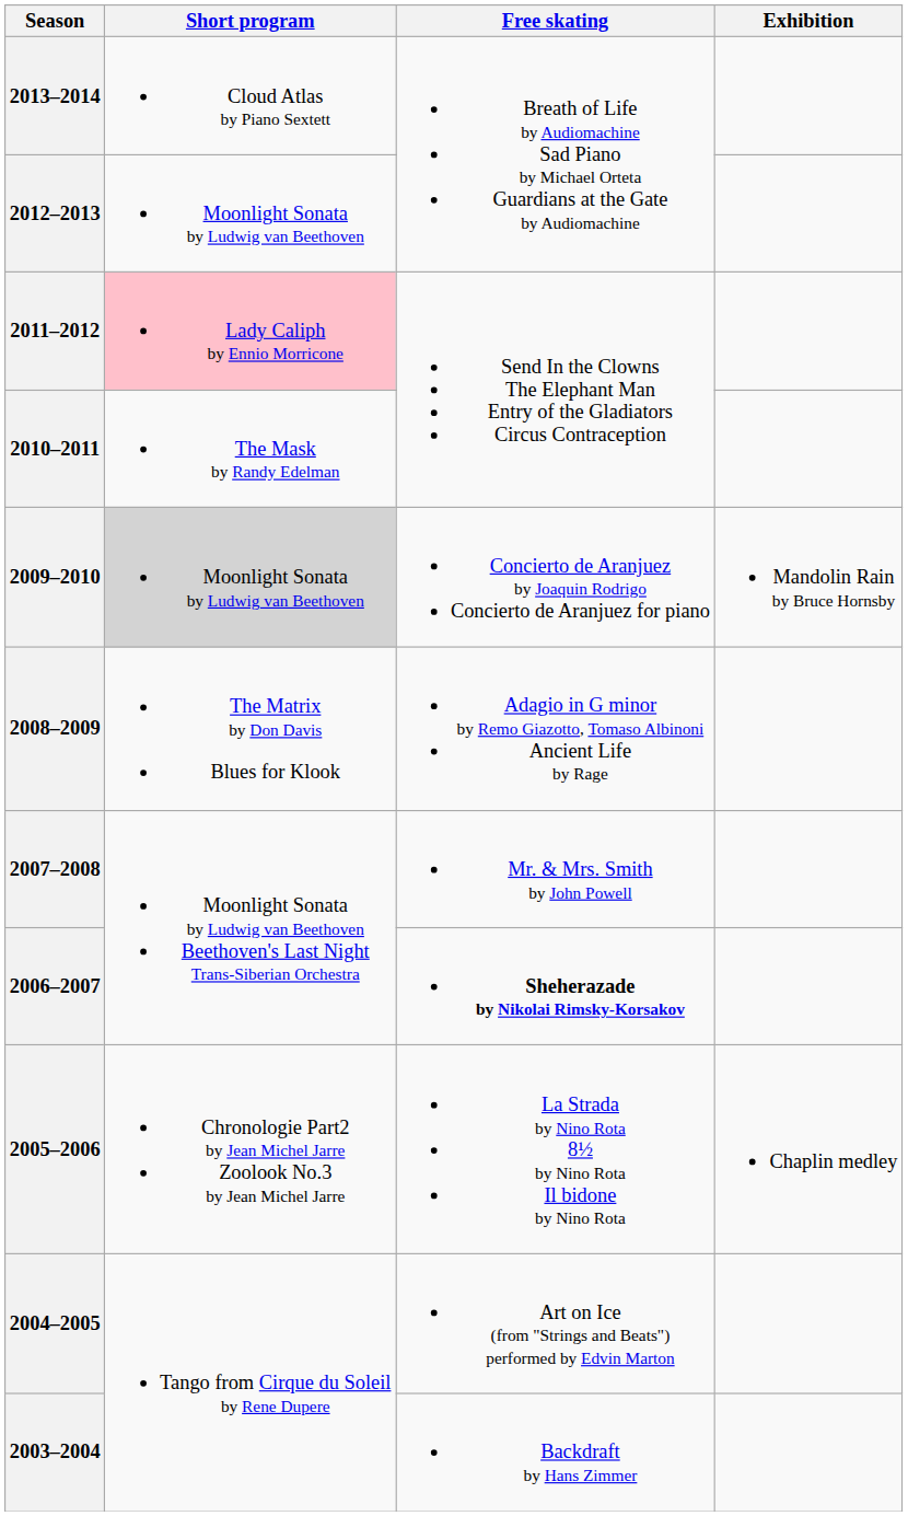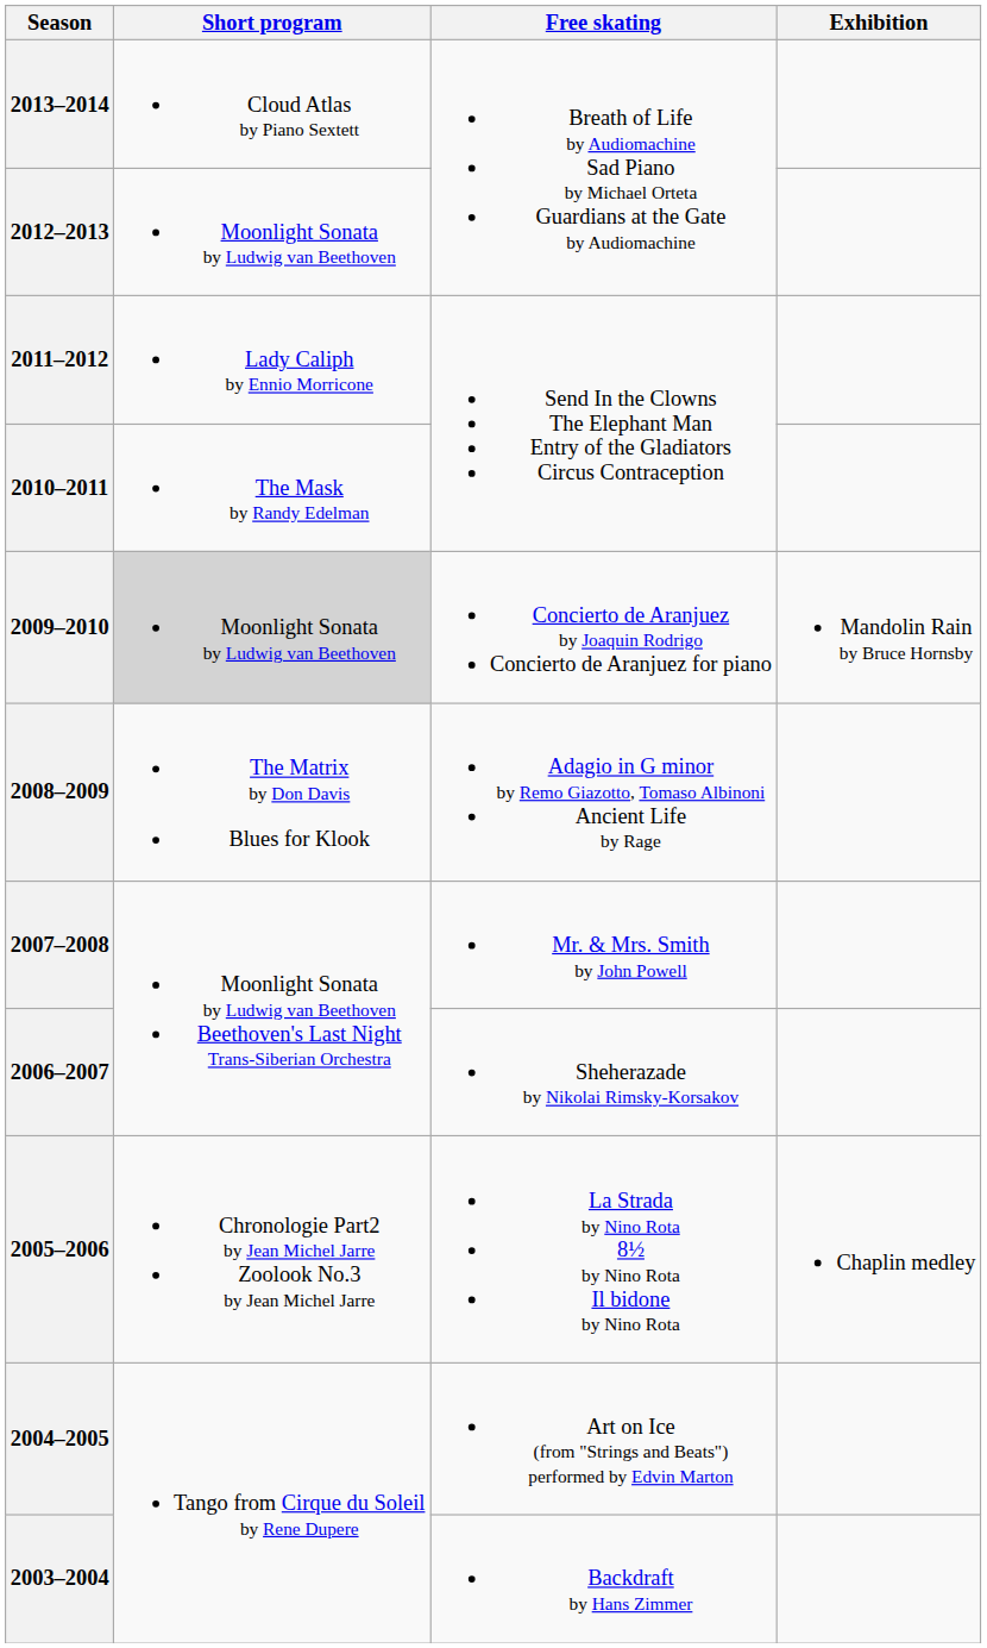 <table class="wikitable" style="text-align:center">
 <tr>
 <th>Season</th>
 <th><a href='#'>Short program</a></th>
 <th><a href='#'>Free skating</a></th>
 <th>Exhibition</th>
 </tr>
 <tr>
 <th>2013–2014 <br> </th>
 <td><br><ul><li>Cloud Atlas <br><small> by Piano Sextett </small></li></ul></td>
 <td rowspan="2"><br><ul><li>Breath of Life <br><small> by <a href='#'>Audiomachine</a> </small></li><li>Sad Piano <br><small> by Michael Orteta </small></li><li>Guardians at the Gate <br><small> by Audiomachine </small></li></ul></td>
 <td></td>
 </tr>
 <tr>
 <th>2012–2013 <br> </th>
 <td><br><ul><li><a href='#'>Moonlight Sonata</a> <br><small> by <a href='#'>Ludwig van Beethoven</a> </small></li></ul></td>
 <td></td>
 </tr>
 <tr>
 <th>2011–2012 <br> </th>
-<td style="background: pink;"><br><ul><li><a href='#'>Lady Caliph</a> <br><small> by <a href='#'>Ennio Morricone</a> </small></li></ul></td>
+<td><br><ul><li><a href='#'>Lady Caliph</a> <br><small> by <a href='#'>Ennio Morricone</a> </small></li></ul></td>
 <td rowspan="2"><br><ul><li>Send In the Clowns</li><li>The Elephant Man</li><li>Entry of the Gladiators</li><li>Circus Contraception</li></ul></td>
 <td></td>
 </tr>
 <tr>
 <th>2010–2011 <br> </th>
 <td><br><ul><li><a href='#'>The Mask</a> <br><small> by <a href='#'>Randy Edelman</a> </small></li></ul></td>
 <td></td>
 </tr>
 <tr>
 <th>2009–2010 <br> </th>
 <td style="background: lightgrey;"><br><ul><li>Moonlight Sonata <br><small> by <a href='#'>Ludwig van Beethoven</a> </small></li></ul></td>
 <td><br><ul><li><a href='#'>Concierto de Aranjuez</a> <br><small> by <a href='#'>Joaquin Rodrigo</a> </small></li><li>Concierto de Aranjuez for piano</li></ul></td>
 <td><br><ul><li>Mandolin Rain <br><small> by Bruce Hornsby </small></li></ul></td>
 </tr>
 <tr>
 <th>2008–2009 <br> </th>
 <td><br><ul><li><a href='#'>The Matrix</a> <br><small> by <a href='#'>Don Davis</a> </small></li></ul><ul><li>Blues for Klook</li></ul></td>
 <td><br><ul><li><a href='#'>Adagio in G minor</a> <br><small> by <a href='#'>Remo Giazotto</a>, <a href='#'>Tomaso Albinoni</a> </small></li><li>Ancient Life <br><small> by Rage </small></li></ul></td>
 <td></td>
 </tr>
 <tr>
 <th>2007–2008</th>
 <td rowspan=2><br><ul><li>Moonlight Sonata <br><small> by <a href='#'>Ludwig van Beethoven</a> </small></li><li><a href='#'>Beethoven's Last Night</a> <br><small> <a href='#'>Trans-Siberian Orchestra</a> </small></li></ul></td>
 <td><br><ul><li><a href='#'>Mr. & Mrs. Smith</a> <br><small> by <a href='#'>John Powell</a> </small></li></ul></td>
 <td></td>
 </tr>
 <tr>
 <th>2006–2007 <br> </th>
-<td><strong><br><ul><li>Sheherazade <br><small> by <a href='#'>Nikolai Rimsky-Korsakov</a> </small></li></ul></strong></td>
+<td><br><ul><li>Sheherazade <br><small> by <a href='#'>Nikolai Rimsky-Korsakov</a> </small></li></ul></td>
 <td></td>
 </tr>
 <tr>
 <th>2005–2006 <br> </th>
 <td><br><ul><li>Chronologie Part2 <br><small> by <a href='#'>Jean Michel Jarre</a> </small></li><li>Zoolook No.3 <br><small> by Jean Michel Jarre </small></li></ul></td>
 <td><br><ul><li><a href='#'>La Strada</a> <br><small> by <a href='#'>Nino Rota</a> </small></li><li><a href='#'>8½</a> <br><small> by Nino Rota </small></li><li><a href='#'>Il bidone</a> <br><small> by Nino Rota </small></li></ul></td>
 <td><br><ul><li>Chaplin medley</li></ul></td>
 </tr>
 <tr>
 <th>2004–2005 <br> </th>
 <td rowspan="2"><br><ul><li>Tango from <a href='#'>Cirque du Soleil</a> <br><small> by <a href='#'>Rene Dupere</a> </small></li></ul></td>
 <td><br><ul><li>Art on Ice <br><small> (from "Strings and Beats") <br> performed by <a href='#'>Edvin Marton</a> </small></li></ul></td>
 <td></td>
 </tr>
 <tr>
 <th>2003–2004 <br> </th>
 <td><br><ul><li><a href='#'>Backdraft</a> <br><small> by <a href='#'>Hans Zimmer</a> </small></li></ul></td>
 <td></td>
 </tr>
 </table>
